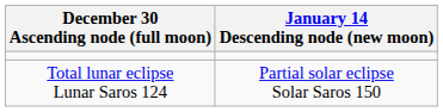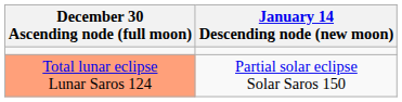 <table class="wikitable">
 <tr>
 <th>December 30<br>Ascending node (full moon)</th>
 <th><a href='#'>January 14</a><br>Descending node (new moon)<br></th>
 </tr>
 <tr>
 <td></td>
 <td></td>
 </tr>
 <tr align=center>
-<td><a href='#'>Total lunar eclipse</a><br>Lunar Saros 124</td>
+<td style="background: lightsalmon;"><a href='#'>Total lunar eclipse</a><br>Lunar Saros 124</td>
 <td><a href='#'>Partial solar eclipse</a><br>Solar Saros 150</td>
 </tr>
 </table>
